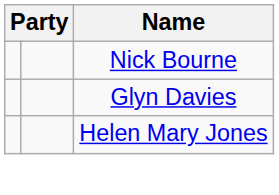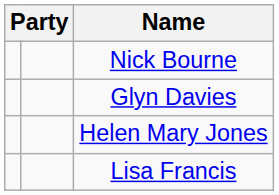 <table class="wikitable" style="text-align:center">
 <tr>
 <th colspan="2">Party</th>
 <th>Name</th>
 </tr>
 <tr>
 <td style="width: 4px"></td>
 <td style="text-align: left;" scope="row"><a href='#'></a></td>
 <td><a href='#'>Nick Bourne</a></td>
 </tr>
 <tr>
 <td style="width: 4px"></td>
 <td style="text-align: left;" scope="row"><a href='#'></a></td>
 <td><a href='#'>Glyn Davies</a></td>
 </tr>
 <tr>
 <td style="width: 4px"></td>
 <td style="text-align: left;" scope="row"><a href='#'></a></td>
 <td><a href='#'>Helen Mary Jones</a></td>
 </tr>
+<tr>
+<td style="width: 4px"></td>
+<td style="text-align: left;" scope="row"><a href='#'></a></td>
+<td><a href='#'>Lisa Francis</a></td>
+</tr>
 </table>
